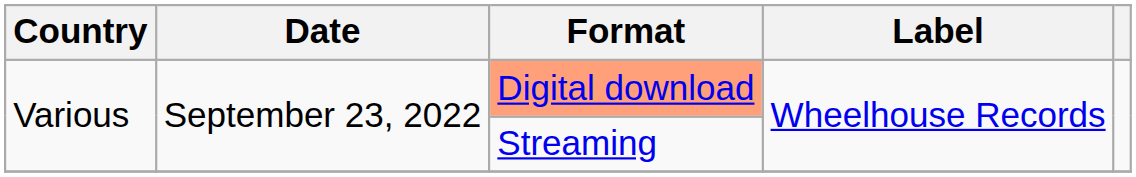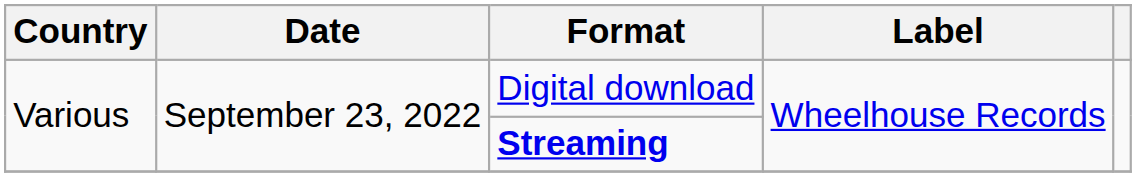 <table class="wikitable">
 <tr>
 <th>Country</th>
 <th>Date</th>
 <th>Format</th>
 <th>Label</th>
 <th></th>
 </tr>
 <tr>
 <td rowspan="2">Various</td>
 <td rowspan="2">September 23, 2022</td>
-<td style="background: lightsalmon;"><a href='#'>Digital download</a></td>
+<td><a href='#'>Digital download</a></td>
 <td rowspan="2"><a href='#'>Wheelhouse Records</a></td>
 <td rowspan="2"></td>
 </tr>
 <tr>
-<td><a href='#'>Streaming</a></td>
+<td><strong><a href='#'>Streaming</a></strong></td>
 </tr>
 <tr>
 </tr>
 </table>
